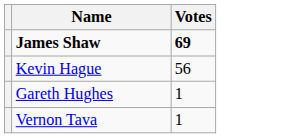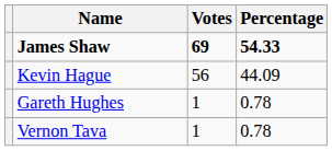 <table class="wikitable">
 <tr>
 <th></th>
 <th>Name</th>
 <th>Votes</th>
+<th>Percentage</th>
 </tr>
 <tr>
 <th style="background-color: "></th>
 <td width="150"><strong>James Shaw</strong></td>
 <td><strong>69</strong></td>
+<td><strong>54.33</strong></td>
 </tr>
 <tr>
 <th style="background-color: "></th>
 <td><a href='#'>Kevin Hague</a></td>
 <td>56</td>
+<td>44.09</td>
 </tr>
 <tr>
 <th style="background-color: "></th>
 <td><a href='#'>Gareth Hughes</a></td>
 <td>1</td>
+<td>0.78</td>
 </tr>
 <tr>
 <th style="background-color: "></th>
 <td><a href='#'>Vernon Tava</a></td>
 <td>1</td>
+<td>0.78</td>
 </tr>
 </table>
